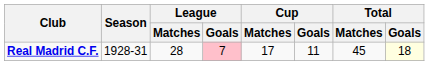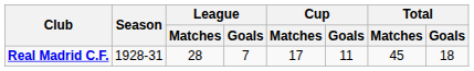 <table class="wikitable" style="text-align: center;" align=center>
 <tr>
 <th rowspan="2">Club</th>
 <th rowspan="2">Season</th>
 <th colspan="2">League</th>
 <th colspan="2">Cup</th>
 <th colspan="2">Total</th>
 </tr>
 <tr>
 <th>Matches</th>
 <th>Goals</th>
 <th>Matches</th>
 <th>Goals</th>
 <th>Matches</th>
 <th>Goals</th>
 </tr>
 <tr>
 <td rowspan="1" valign="top"> <strong><a href='#'>Real Madrid C.F.</a></strong></td>
 <td>1928-31</td>
 <td>28</td>
-<td style="background: pink;">7</td>
+<td>7</td>
 <td>17</td>
 <td>11</td>
 <td>45</td>
-<td style="background: lightyellow;">18</td>
+<td>18</td>
 </tr>
 </table>
